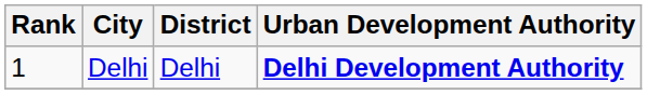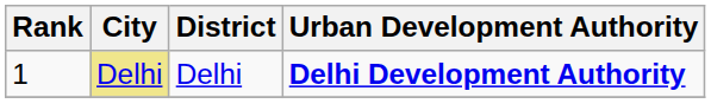 <table class="wikitable sortable">
 <tr>
 <th>Rank</th>
 <th>City</th>
 <th>District</th>
 <th>Urban Development Authority</th>
 </tr>
 <tr>
 <td>1</td>
-<td><a href='#'>Delhi</a></td>
+<td style="background: khaki;"><a href='#'>Delhi</a></td>
 <td><a href='#'>Delhi</a></td>
 <td><strong><a href='#'>Delhi Development Authority</a></strong></td>
 </tr>
 <tr>
 </tr>
 </table>
